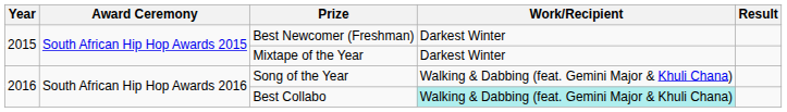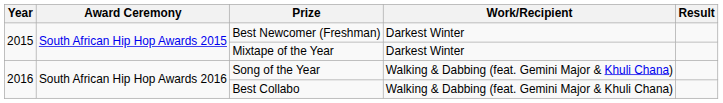 <table class="wikitable">
 <tr>
 <th>Year</th>
 <th>Award Ceremony</th>
 <th>Prize</th>
 <th>Work/Recipient</th>
 <th>Result</th>
 </tr>
 <tr>
 <td rowspan="2"><div>2015</div></td>
 <td rowspan="2"><a href='#'>South African Hip Hop Awards 2015</a></td>
 <td>Best Newcomer (Freshman)</td>
 <td>Darkest Winter</td>
 <td></td>
 </tr>
 <tr>
 <td>Mixtape of the Year</td>
 <td>Darkest Winter</td>
 <td></td>
 </tr>
 <tr>
 <td rowspan="2"><div>2016</div></td>
 <td rowspan="2">South African Hip Hop Awards 2016</td>
 <td>Song of the Year</td>
 <td>Walking & Dabbing (feat. Gemini Major & <a href='#'>Khuli Chana</a>)</td>
 <td></td>
 </tr>
 <tr>
 <td>Best Collabo</td>
-<td style="background: paleturquoise;">Walking & Dabbing (feat. Gemini Major & Khuli Chana)</td>
+<td>Walking & Dabbing (feat. Gemini Major & Khuli Chana)</td>
 <td></td>
 </tr>
 </table>
